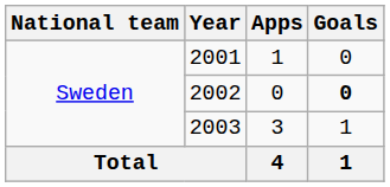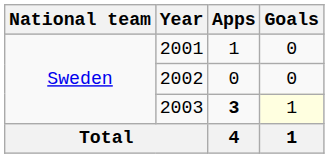 <table class="wikitable" style="text-align:center">
 <tr>
 <th>National team</th>
 <th>Year</th>
 <th>Apps</th>
 <th>Goals</th>
 </tr>
 <tr>
 <td rowspan="3"><a href='#'>Sweden</a></td>
 <td>2001</td>
 <td>1</td>
 <td>0</td>
 </tr>
 <tr>
 <td>2002</td>
 <td>0</td>
-<td><strong>0</strong></td>
+<td>0</td>
 </tr>
 <tr>
 <td>2003</td>
-<td>3</td>
-<td>1</td>
+<td><strong>3</strong></td>
+<td style="background: lightyellow;">1</td>
 </tr>
 <tr>
 <th colspan="2">Total</th>
 <th>4</th>
 <th>1</th>
 </tr>
 </table>
